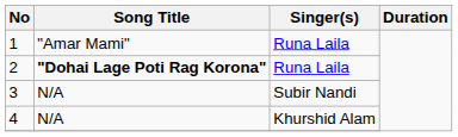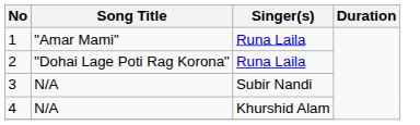 <table class="wikitable">
 <tr>
 <th>No</th>
 <th>Song Title</th>
 <th>Singer(s)</th>
 <th>Duration</th>
 </tr>
 <tr>
 <td>1</td>
 <td>"Amar Mami"</td>
 <td><a href='#'>Runa Laila</a></td>
 </tr>
 <tr>
 <td>2</td>
-<td><strong>"Dohai Lage Poti Rag Korona"</strong></td>
+<td>"Dohai Lage Poti Rag Korona"</td>
 <td><a href='#'>Runa Laila</a></td>
 </tr>
 <tr ->
 <td>3</td>
 <td>N/A</td>
 <td>Subir Nandi</td>
 </tr>
 <tr>
 <td>4</td>
 <td>N/A</td>
 <td>Khurshid Alam</td>
 </tr>
 <tr>
 </tr>
 </table>
